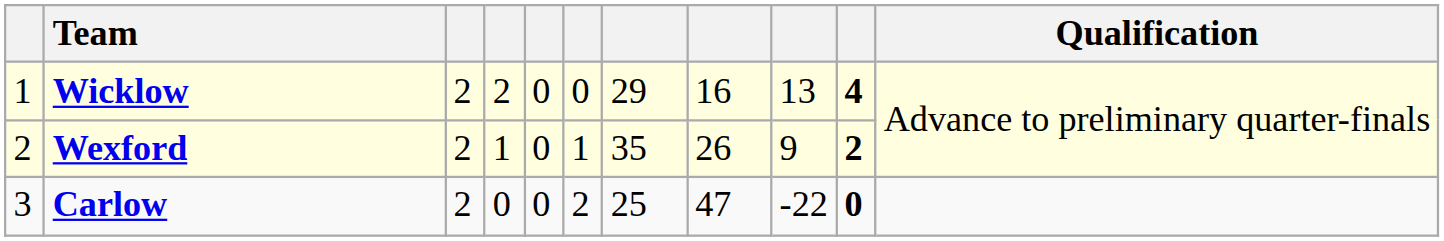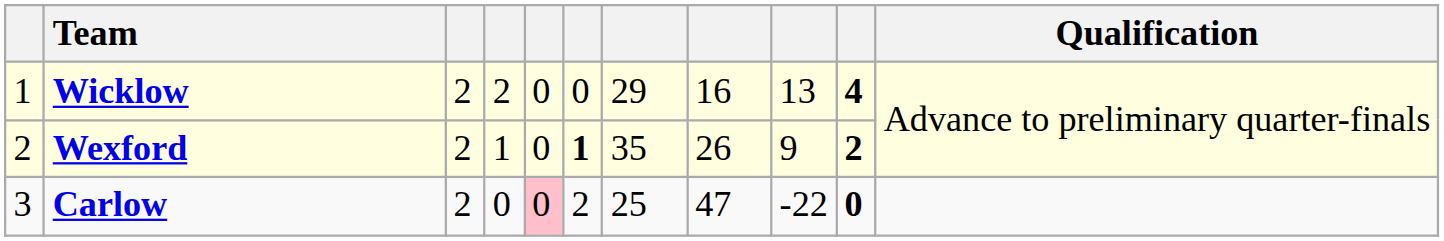 <table class="wikitable">
 <tr>
 <th width=10></th>
 <th width=170 style="text-align:left;">Team</th>
 <th width=10></th>
 <th width=10></th>
 <th width=10></th>
 <th width=10></th>
 <th width=30></th>
 <th width=30></th>
 <th width=10></th>
 <th width=10></th>
 <th>Qualification</th>
 </tr>
 <tr style="background:#FFFFE0;">
 <td>1</td>
 <td align="left"><strong> <a href='#'>Wicklow</a></strong></td>
 <td>2</td>
 <td>2</td>
 <td>0</td>
 <td>0</td>
 <td>29</td>
 <td>16</td>
 <td>13</td>
 <td><strong>4</strong></td>
 <td rowspan="2">Advance to preliminary quarter-finals</td>
 </tr>
 <tr style="background:#FFFFE0;">
 <td>2</td>
 <td align="left"><strong> <a href='#'>Wexford</a></strong></td>
 <td>2</td>
 <td>1</td>
 <td>0</td>
-<td>1</td>
+<td><strong>1</strong></td>
 <td>35</td>
 <td>26</td>
 <td>9</td>
 <td><strong>2</strong></td>
 </tr>
 <tr>
 <td>3</td>
 <td align=left><strong> <a href='#'>Carlow</a></strong></td>
 <td>2</td>
 <td>0</td>
-<td>0</td>
+<td style="background: pink;">0</td>
 <td>2</td>
 <td>25</td>
 <td>47</td>
 <td>-22</td>
 <td><strong>0</strong></td>
 <td></td>
 </tr>
 </table>
